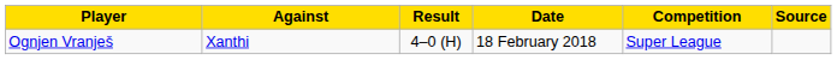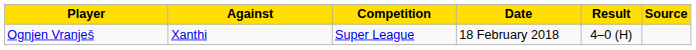 <table class="wikitable">
 <tr>
 <th width=200 style="background:#FFDE00">Player</th>
 <th width=200 style="background:#FFDE00">Against</th>
+<th width=150 style="background:#FFDE00">Competition</th>
+<th width=150 style="background:#FFDE00">Date</th>
 <th width=70 style="background:#FFDE00">Result</th>
-<th width=150 style="background:#FFDE00">Date</th>
-<th width=150 style="background:#FFDE00">Competition</th>
 <th style="background:#FFDE00">Source</th>
 </tr>
 <tr>
 <td> <a href='#'>Ognjen Vranješ</a></td>
 <td> <a href='#'>Xanthi</a></td>
+<td><a href='#'>Super League</a></td>
+<td>18 February 2018</td>
 <td align=center>4–0 (H)</td>
-<td>18 February 2018</td>
-<td><a href='#'>Super League</a></td>
 <td align=center></td>
 </tr>
 </table>
